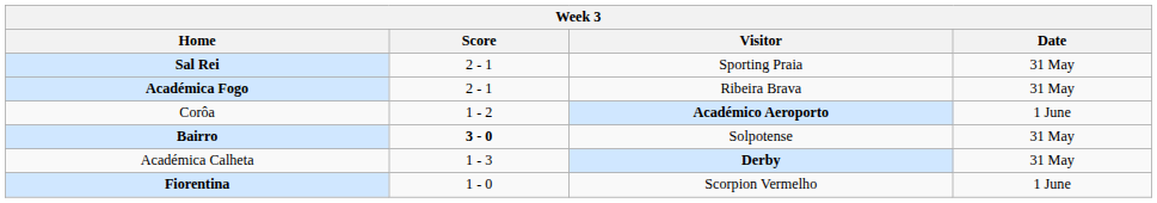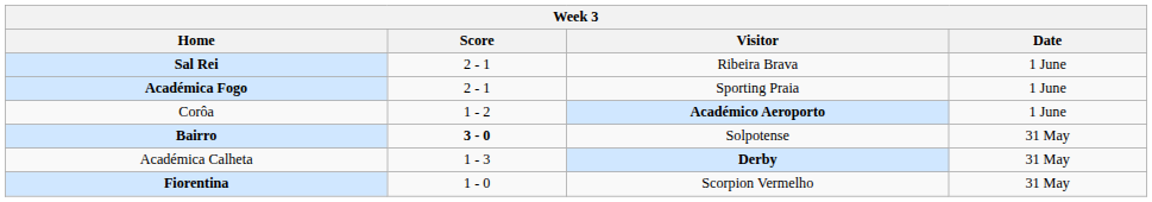 <table class="wikitable" style="font-size:95%; text-align: center; width: 95%;">
 <tr>
 <th colspan="12" style="with: 100%;" align=center>Week 3</th>
 </tr>
 <tr>
 <th width="200">Home</th>
 <th width="90">Score</th>
 <th width="200">Visitor</th>
 <th width="100">Date</th>
 </tr>
 <tr align=center>
 <td bgcolor=#D0E7FF><strong>Sal Rei</strong></td>
 <td>2 - 1</td>
-<td>Sporting Praia</td>
-<td>31 May</td>
+<td>Ribeira Brava</td>
+<td>1 June</td>
 </tr>
 <tr align=center>
 <td bgcolor=#D0E7FF><strong>Académica Fogo</strong></td>
 <td>2 - 1</td>
-<td>Ribeira Brava</td>
-<td>31 May</td>
+<td>Sporting Praia</td>
+<td>1 June</td>
 </tr>
 <tr align=center>
 <td>Corôa</td>
 <td>1 - 2</td>
 <td bgcolor=#D0E7FF><strong>Académico Aeroporto</strong></td>
 <td>1 June</td>
 </tr>
 <tr align=center>
 <td bgcolor=#D0E7FF><strong>Bairro</strong></td>
 <td><strong>3 - 0</strong></td>
 <td>Solpotense</td>
 <td>31 May</td>
 </tr>
 <tr align=center>
 <td>Académica Calheta</td>
 <td>1 - 3</td>
 <td bgcolor=#D0E7FF><strong>Derby</strong></td>
 <td>31 May</td>
 </tr>
 <tr align=center>
 <td bgcolor=#D0E7FF><strong>Fiorentina</strong></td>
 <td>1 - 0</td>
 <td>Scorpion Vermelho</td>
-<td>1 June</td>
+<td>31 May</td>
 </tr>
 </table>
